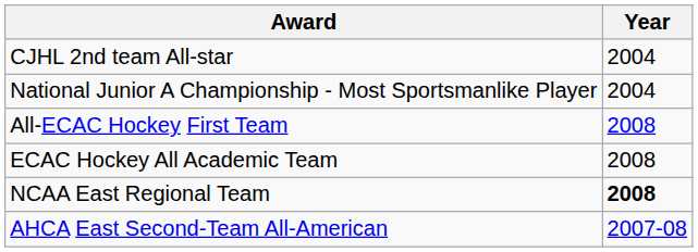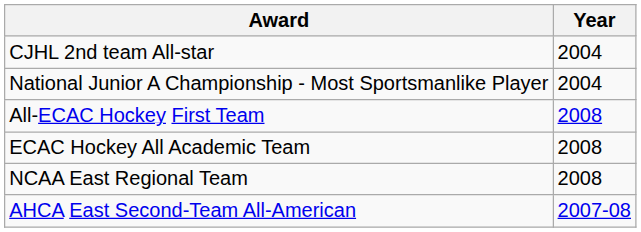 <table class="wikitable">
 <tr>
 <th>Award</th>
 <th>Year</th>
 </tr>
 <tr>
 <td>CJHL 2nd team All-star</td>
 <td>2004</td>
 </tr>
 <tr>
 <td>National Junior A Championship - Most Sportsmanlike Player</td>
 <td>2004</td>
 </tr>
 <tr>
 <td>All-<a href='#'>ECAC Hockey</a> <a href='#'>First Team</a></td>
 <td><a href='#'>2008</a></td>
 </tr>
 <tr>
 <td>ECAC Hockey All Academic Team</td>
 <td>2008</td>
 </tr>
 <tr>
 <td>NCAA East Regional Team</td>
-<td><strong>2008</strong></td>
+<td>2008</td>
 </tr>
 <tr>
 <td><a href='#'>AHCA</a> <a href='#'>East Second-Team All-American</a></td>
 <td><a href='#'>2007-08</a></td>
 </tr>
 </table>
